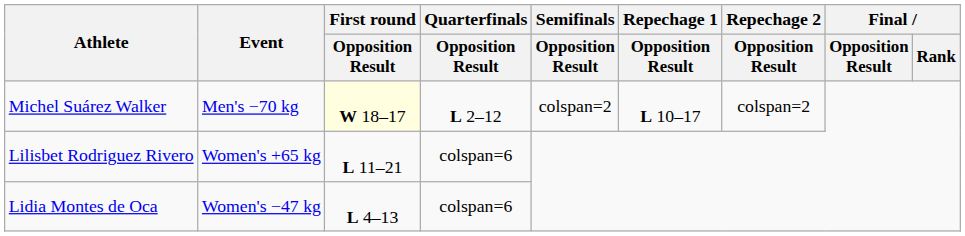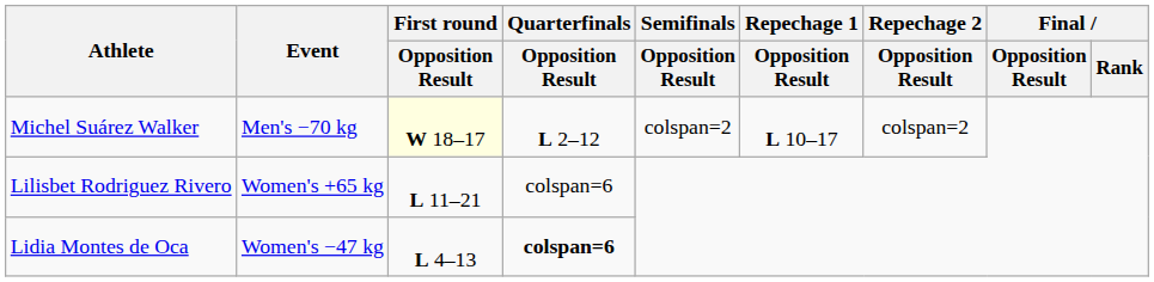 <table class="wikitable" style="font-size:90%;">
 <tr>
 <th rowspan=2>Athlete</th>
 <th rowspan=2>Event</th>
 <th>First round</th>
 <th>Quarterfinals</th>
 <th>Semifinals</th>
 <th>Repechage 1</th>
 <th>Repechage 2</th>
 <th colspan=2>Final / </th>
 </tr>
 <tr style="font-size:95%">
 <th>Opposition<br>Result</th>
 <th>Opposition<br>Result</th>
 <th>Opposition<br>Result</th>
 <th>Opposition<br>Result</th>
 <th>Opposition<br>Result</th>
 <th>Opposition<br>Result</th>
 <th>Rank</th>
 </tr>
 <tr align=center>
 <td align=left><a href='#'>Michel Suárez Walker</a></td>
 <td align=left><a href='#'>Men's −70 kg</a></td>
 <td style="background: lightyellow;"><br><strong>W</strong> 18–17</td>
 <td><br><strong>L</strong> 2–12</td>
 <td>colspan=2 </td>
 <td><br><strong>L</strong> 10–17</td>
 <td>colspan=2 </td>
 </tr>
 <tr align=center>
 <td align=left><a href='#'>Lilisbet Rodriguez Rivero</a></td>
 <td align=left><a href='#'>Women's +65 kg</a></td>
 <td><br><strong>L</strong> 11–21</td>
 <td>colspan=6 </td>
 </tr>
 <tr align=center>
 <td align=left><a href='#'>Lidia Montes de Oca</a></td>
 <td align=left><a href='#'>Women's −47 kg</a></td>
 <td><br><strong>L</strong> 4–13</td>
-<td>colspan=6 </td>
+<td><strong>colspan=6 </strong></td>
 </tr>
 </table>
